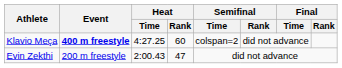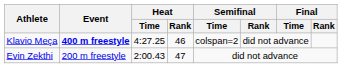 <table class="wikitable"  style="font-size:90%">
 <tr>
 <th rowspan="2">Athlete</th>
 <th rowspan="2">Event</th>
 <th colspan="2">Heat</th>
 <th colspan="2">Semifinal</th>
 <th colspan="2">Final</th>
 </tr>
 <tr style="font-size:95%">
 <th>Time</th>
 <th>Rank</th>
 <th>Time</th>
 <th>Rank</th>
 <th>Time</th>
 <th>Rank</th>
 </tr>
 <tr align=center>
 <td align=left><a href='#'>Klavio Meça</a></td>
 <td align=left><strong><a href='#'>400 m freestyle</a></strong></td>
 <td>4:27.25</td>
-<td>60</td>
+<td>46</td>
 <td>colspan=2 </td>
 <td colspan=2>did not advance</td>
 </tr>
 <tr align=center>
 <td align=left><a href='#'>Evin Zekthi</a></td>
 <td align=left><a href='#'>200 m freestyle</a></td>
 <td>2:00.43</td>
 <td>47</td>
 <td colspan=4>did not advance</td>
 </tr>
 </table>
